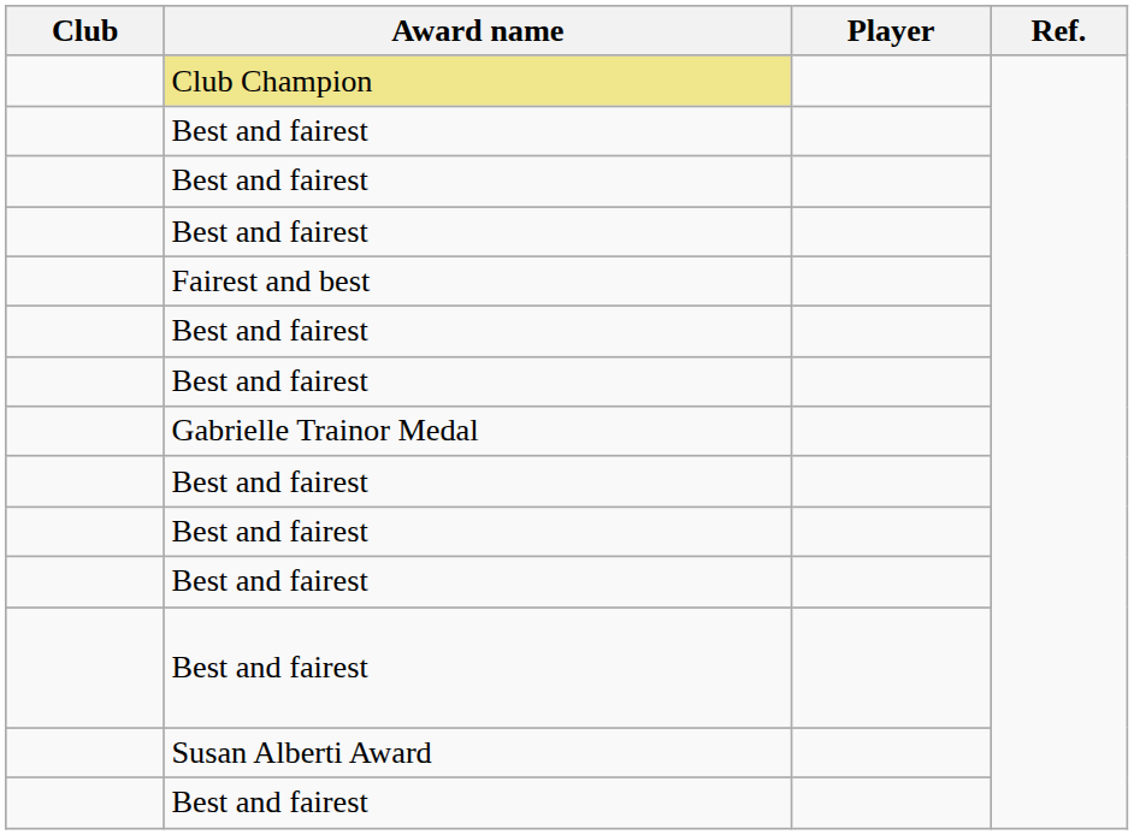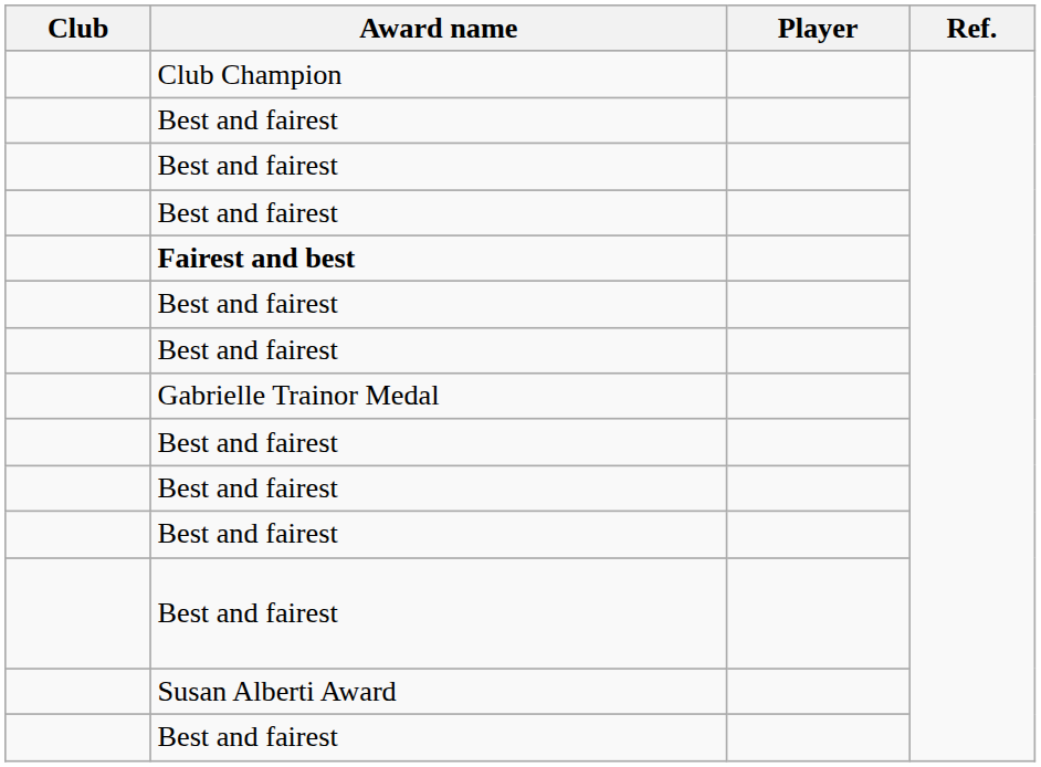 <table class="wikitable sortable"  style="text-align:left; width:45%;">
 <tr>
 <th>Club</th>
 <th>Award name</th>
 <th>Player</th>
 <th class="unsortable">Ref.</th>
 </tr>
 <tr>
 <td></td>
-<td style="background: khaki;">Club Champion</td>
+<td>Club Champion</td>
 <td></td>
 <td rowspan=14></td>
 </tr>
 <tr>
 <td></td>
 <td>Best and fairest</td>
 <td></td>
 </tr>
 <tr>
 <td></td>
 <td>Best and fairest</td>
 <td></td>
 </tr>
 <tr>
 <td></td>
 <td>Best and fairest</td>
 <td></td>
 </tr>
 <tr>
 <td></td>
-<td>Fairest and best</td>
+<td><strong>Fairest and best</strong></td>
 <td></td>
 </tr>
 <tr>
 <td></td>
 <td>Best and fairest</td>
 <td></td>
 </tr>
 <tr>
 <td></td>
 <td>Best and fairest</td>
 <td></td>
 </tr>
 <tr>
 <td></td>
 <td>Gabrielle Trainor Medal</td>
 <td></td>
 </tr>
 <tr>
 <td></td>
 <td>Best and fairest</td>
 <td></td>
 </tr>
 <tr>
 <td></td>
 <td>Best and fairest</td>
 <td></td>
 </tr>
 <tr>
 <td></td>
 <td>Best and fairest</td>
 <td></td>
 </tr>
 <tr>
 <td></td>
 <td>Best and fairest</td>
 <td><br><br><br></td>
 </tr>
 <tr>
 <td></td>
 <td>Susan Alberti Award</td>
 <td></td>
 </tr>
 <tr>
 <td></td>
 <td>Best and fairest</td>
 <td></td>
 </tr>
 </table>
